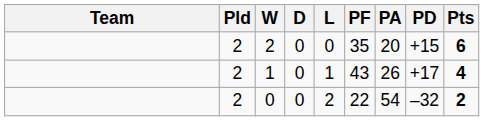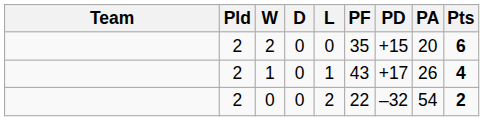 <table class="wikitable" style="text-align:center;">
 <tr>
 <th width=190>Team</th>
 <th width=20 abbr="Played">Pld</th>
 <th width=20 abbr="Won">W</th>
 <th width=20 abbr="Drawn">D</th>
 <th width=20 abbr="Lost">L</th>
 <th width=20 abbr="Points for">PF</th>
+<th width=25 abbr="Points difference">PD</th>
 <th width=20 abbr="Points against">PA</th>
-<th width=25 abbr="Points difference">PD</th>
 <th width=20 abbr="Points">Pts</th>
 </tr>
 <tr>
 <td align=left></td>
 <td>2</td>
 <td>2</td>
 <td>0</td>
 <td>0</td>
 <td>35</td>
+<td>+15</td>
 <td>20</td>
-<td>+15</td>
 <td><strong>6</strong></td>
 </tr>
 <tr>
 <td align=left></td>
 <td>2</td>
 <td>1</td>
 <td>0</td>
 <td>1</td>
 <td>43</td>
+<td>+17</td>
 <td>26</td>
-<td>+17</td>
 <td><strong>4</strong></td>
 </tr>
 <tr>
 <td align=left></td>
 <td>2</td>
 <td>0</td>
 <td>0</td>
 <td>2</td>
 <td>22</td>
+<td>–32</td>
 <td>54</td>
-<td>–32</td>
 <td><strong>2</strong></td>
 </tr>
 </table>
